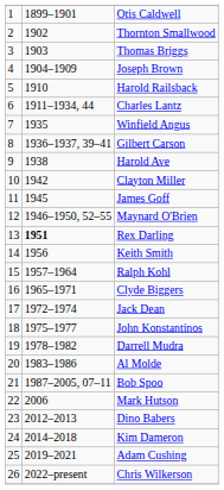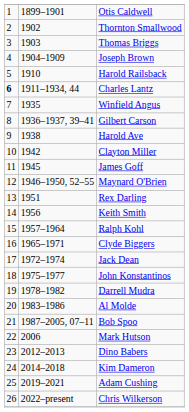 <table class="wikitable">
 <tr>
 </tr>
 <tr>
 <td>1</td>
 <td>1899–1901</td>
 <td><a href='#'>Otis Caldwell</a></td>
 </tr>
 <tr>
 <td>2</td>
 <td>1902</td>
 <td><a href='#'>Thornton Smallwood</a></td>
 </tr>
 <tr>
 <td>3</td>
 <td>1903</td>
 <td><a href='#'>Thomas Briggs</a></td>
 </tr>
 <tr>
 <td>4</td>
 <td>1904–1909</td>
 <td><a href='#'>Joseph Brown</a></td>
 </tr>
 <tr>
 <td>5</td>
 <td>1910</td>
 <td><a href='#'>Harold Railsback</a></td>
 </tr>
 <tr>
-<td>6</td>
+<td><strong>6</strong></td>
 <td>1911–1934, 44</td>
 <td><a href='#'>Charles Lantz</a></td>
 </tr>
 <tr>
 <td>7</td>
 <td>1935</td>
 <td><a href='#'>Winfield Angus</a></td>
 </tr>
 <tr>
 <td>8</td>
 <td>1936–1937, 39–41</td>
 <td><a href='#'>Gilbert Carson</a></td>
 </tr>
 <tr>
 <td>9</td>
 <td>1938</td>
 <td><a href='#'>Harold Ave</a></td>
 </tr>
 <tr>
 <td>10</td>
 <td>1942</td>
 <td><a href='#'>Clayton Miller</a></td>
 </tr>
 <tr>
 <td>11</td>
 <td>1945</td>
 <td><a href='#'>James Goff</a></td>
 </tr>
 <tr>
 <td>12</td>
 <td>1946–1950, 52–55</td>
 <td><a href='#'>Maynard O'Brien</a></td>
 </tr>
 <tr>
 <td>13</td>
-<td><strong>1951</strong></td>
+<td>1951</td>
 <td><a href='#'>Rex Darling</a></td>
 </tr>
 <tr>
 <td>14</td>
 <td>1956</td>
 <td><a href='#'>Keith Smith</a></td>
 </tr>
 <tr>
 <td>15</td>
 <td>1957–1964</td>
 <td><a href='#'>Ralph Kohl</a></td>
 </tr>
 <tr>
 <td>16</td>
 <td>1965–1971</td>
 <td><a href='#'>Clyde Biggers</a></td>
 </tr>
 <tr>
 <td>17</td>
 <td>1972–1974</td>
 <td><a href='#'>Jack Dean</a></td>
 </tr>
 <tr>
 <td>18</td>
 <td>1975–1977</td>
 <td><a href='#'>John Konstantinos</a></td>
 </tr>
 <tr>
 <td>19</td>
 <td>1978–1982</td>
 <td><a href='#'>Darrell Mudra</a></td>
 </tr>
 <tr>
 <td>20</td>
 <td>1983–1986</td>
 <td><a href='#'>Al Molde</a></td>
 </tr>
 <tr>
 <td>21</td>
 <td>1987–2005, 07–11</td>
 <td><a href='#'>Bob Spoo</a></td>
 </tr>
 <tr>
 <td>22</td>
 <td>2006</td>
 <td><a href='#'>Mark Hutson</a></td>
 </tr>
 <tr>
 <td>23</td>
 <td>2012–2013</td>
 <td><a href='#'>Dino Babers</a></td>
 </tr>
 <tr>
 <td>24</td>
 <td>2014–2018</td>
 <td><a href='#'>Kim Dameron</a></td>
 </tr>
 <tr>
 <td>25</td>
 <td>2019–2021</td>
 <td><a href='#'>Adam Cushing</a></td>
 </tr>
 <tr>
 <td>26</td>
 <td>2022–present</td>
 <td><a href='#'>Chris Wilkerson</a></td>
 </tr>
 <tr>
 </tr>
 </table>
